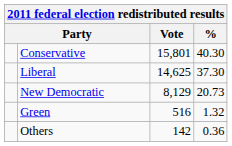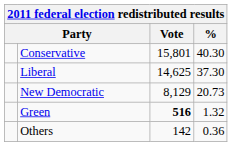 <table class="wikitable">
 <tr>
 <th colspan="4"><a href='#'>2011 federal election</a> redistributed results</th>
 </tr>
 <tr>
 <th bgcolor="#DDDDFF" width="130px" colspan="2">Party</th>
 <th bgcolor="#DDDDFF" width="50px">Vote</th>
 <th bgcolor="#DDDDFF" width="30px">%</th>
 </tr>
 <tr>
 <td> </td>
 <td><a href='#'>Conservative</a></td>
 <td align=right>15,801</td>
 <td align=right>40.30</td>
 </tr>
 <tr>
 <td> </td>
 <td><a href='#'>Liberal</a></td>
 <td align=right>14,625</td>
 <td align=right>37.30</td>
 </tr>
 <tr>
 <td> </td>
 <td><a href='#'>New Democratic</a></td>
 <td align=right>8,129</td>
 <td align=right>20.73</td>
 </tr>
 <tr>
 <td> </td>
 <td><a href='#'>Green</a></td>
-<td align=right>516</td>
+<td align=right><strong>516</strong></td>
 <td align=right>1.32</td>
 </tr>
 <tr>
 <td> </td>
 <td>Others</td>
 <td align=right>142</td>
 <td align=right>0.36</td>
 </tr>
 </table>
